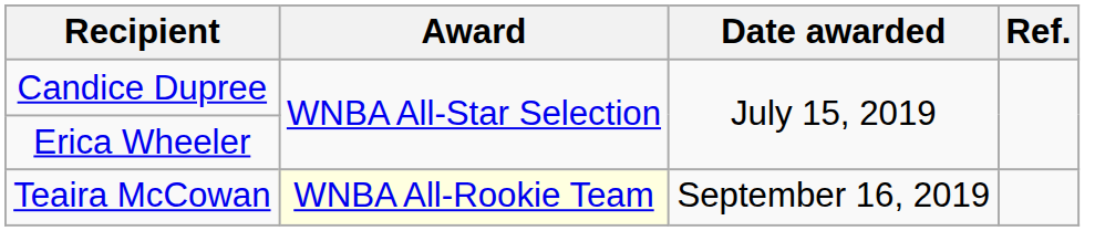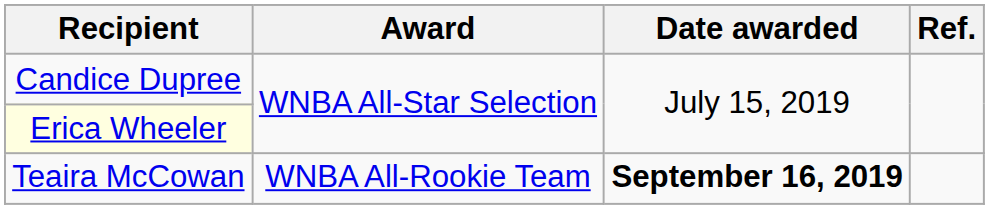 <table class="wikitable sortable sortable" style="text-align: center">
 <tr>
 <th>Recipient</th>
 <th>Award</th>
 <th>Date awarded</th>
 <th>Ref.</th>
 </tr>
 <tr>
 <td><a href='#'>Candice Dupree</a></td>
 <td rowspan=2><a href='#'>WNBA All-Star Selection</a></td>
 <td rowspan=2>July 15, 2019</td>
 <td rowspan=2></td>
 </tr>
 <tr>
-<td><a href='#'>Erica Wheeler</a></td>
+<td style="background: lightyellow;"><a href='#'>Erica Wheeler</a></td>
 </tr>
 <tr>
 <td><a href='#'>Teaira McCowan</a></td>
-<td style="background: lightyellow;"><a href='#'>WNBA All-Rookie Team</a></td>
-<td>September 16, 2019</td>
+<td><a href='#'>WNBA All-Rookie Team</a></td>
+<td><strong>September 16, 2019</strong></td>
 <td></td>
 </tr>
 </table>
